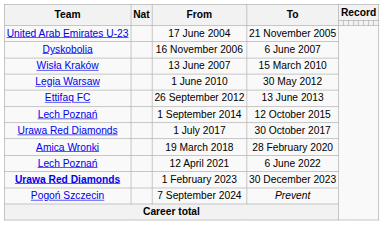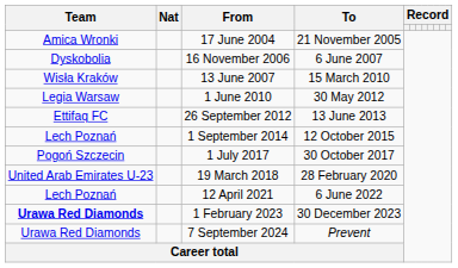 <table class="wikitable" style="text-align: center">
 <tr>
 <th rowspan=2>Team</th>
 <th rowspan=2>Nat</th>
 <th rowspan=2>From</th>
 <th rowspan=2>To</th>
 <th colspan=8>Record</th>
 </tr>
 <tr>
 <th></th>
 <th></th>
 <th></th>
 <th></th>
 <th></th>
 <th></th>
 <th></th>
 <th></th>
 </tr>
 <tr>
-<td><a href='#'>United Arab Emirates U-23</a></td>
+<td><a href='#'>Amica Wronki</a></td>
 <td></td>
 <td>17 June 2004</td>
 <td>21 November 2005<br></td>
 </tr>
 <tr>
 <td><a href='#'>Dyskobolia</a></td>
 <td></td>
 <td>16 November 2006</td>
 <td>6 June 2007<br></td>
 </tr>
 <tr>
 <td><a href='#'>Wisła Kraków</a></td>
 <td></td>
 <td>13 June 2007</td>
 <td>15 March 2010<br></td>
 </tr>
 <tr>
 <td><a href='#'>Legia Warsaw</a></td>
 <td></td>
 <td>1 June 2010</td>
 <td>30 May 2012<br></td>
 </tr>
 <tr>
 <td><a href='#'>Ettifaq FC</a></td>
 <td></td>
 <td>26 September 2012</td>
 <td>13 June 2013<br></td>
 </tr>
 <tr>
 <td><a href='#'>Lech Poznań</a></td>
 <td></td>
 <td>1 September 2014</td>
 <td>12 October 2015<br></td>
 </tr>
 <tr>
-<td><a href='#'>Urawa Red Diamonds</a></td>
+<td><a href='#'>Pogoń Szczecin</a></td>
 <td></td>
 <td>1 July 2017</td>
 <td>30 October 2017<br></td>
 </tr>
 <tr>
-<td><a href='#'>Amica Wronki</a></td>
+<td><a href='#'>United Arab Emirates U-23</a></td>
 <td></td>
 <td>19 March 2018</td>
 <td>28 February 2020<br></td>
 </tr>
 <tr>
 <td><a href='#'>Lech Poznań</a></td>
 <td></td>
 <td>12 April 2021</td>
 <td>6 June 2022<br></td>
 </tr>
 <tr>
 <td><strong><a href='#'>Urawa Red Diamonds</a></strong></td>
 <td></td>
 <td>1 February 2023</td>
 <td>30 December 2023<br></td>
 </tr>
 <tr>
-<td><a href='#'>Pogoń Szczecin</a></td>
+<td><a href='#'>Urawa Red Diamonds</a></td>
 <td></td>
 <td>7 September 2024</td>
 <td><em>Prevent</em><br></td>
 </tr>
 <tr>
 <th colspan=4>Career total<br></th>
 </tr>
 </table>
